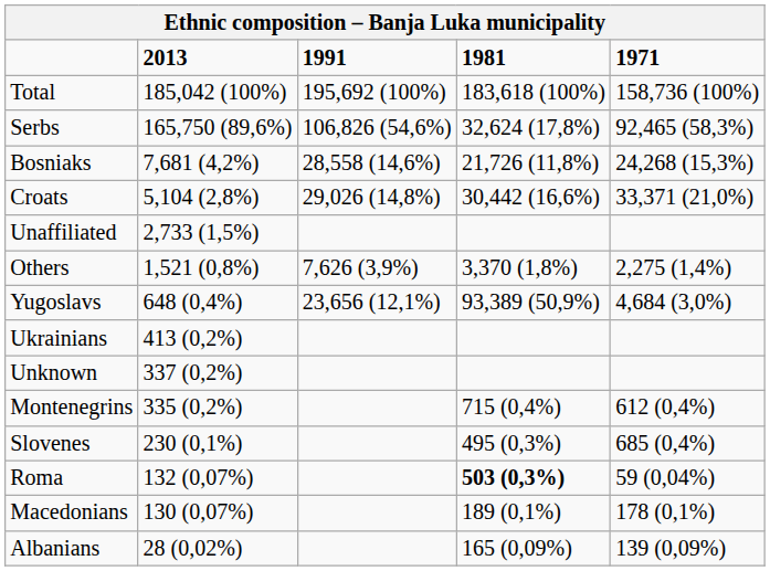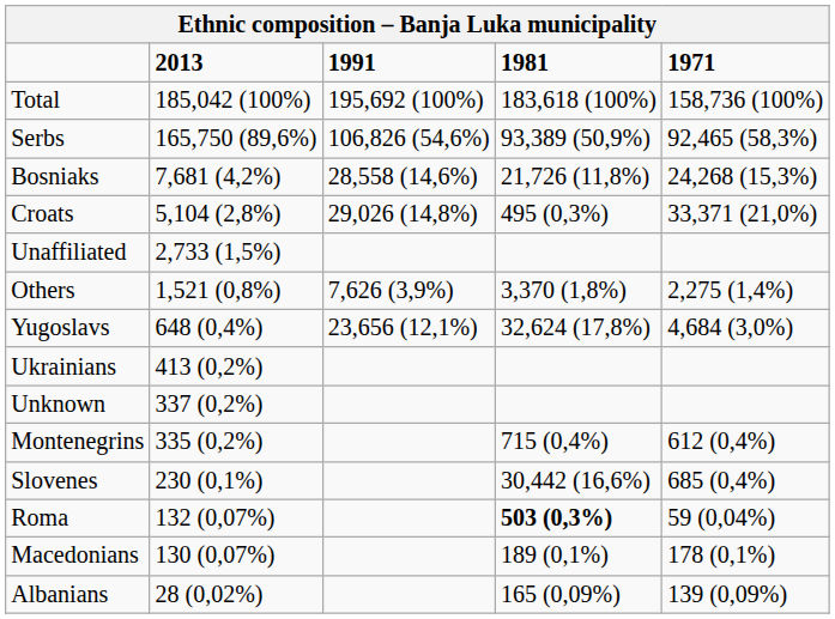 <table class="wikitable">
 <tr>
 <th colspan="8">Ethnic composition – Banja Luka municipality</th>
 </tr>
 <tr>
 <td></td>
 <td><strong>2013</strong></td>
 <td><strong>1991</strong></td>
 <td><strong>1981</strong></td>
 <td><strong>1971</strong></td>
 </tr>
 <tr>
 <td>Total</td>
 <td>185,042 (100%)</td>
 <td>195,692 (100%)</td>
 <td>183,618 (100%)</td>
 <td>158,736 (100%)</td>
 </tr>
 <tr>
 <td>Serbs</td>
 <td>165,750 (89,6%)</td>
 <td>106,826 (54,6%)</td>
-<td>32,624 (17,8%)</td>
+<td>93,389 (50,9%)</td>
 <td>92,465 (58,3%)</td>
 </tr>
 <tr>
 <td>Bosniaks</td>
 <td>7,681 (4,2%)</td>
 <td>28,558 (14,6%)</td>
 <td>21,726 (11,8%)</td>
 <td>24,268 (15,3%)</td>
 </tr>
 <tr>
 <td>Croats</td>
 <td>5,104 (2,8%)</td>
 <td>29,026 (14,8%)</td>
-<td>30,442 (16,6%)</td>
+<td>495 (0,3%)</td>
 <td>33,371 (21,0%)</td>
 </tr>
 <tr>
 <td>Unaffiliated</td>
 <td>2,733 (1,5%)</td>
 <td></td>
 <td></td>
 <td></td>
 </tr>
 <tr>
 <td>Others</td>
 <td>1,521 (0,8%)</td>
 <td>7,626 (3,9%)</td>
 <td>3,370 (1,8%)</td>
 <td>2,275 (1,4%)</td>
 </tr>
 <tr>
 <td>Yugoslavs</td>
 <td>648 (0,4%)</td>
 <td>23,656 (12,1%)</td>
-<td>93,389 (50,9%)</td>
+<td>32,624 (17,8%)</td>
 <td>4,684 (3,0%)</td>
 </tr>
 <tr>
 <td>Ukrainians</td>
 <td>413 (0,2%)</td>
 <td></td>
 <td></td>
 <td></td>
 </tr>
 <tr>
 <td>Unknown</td>
 <td>337 (0,2%)</td>
 <td></td>
 <td></td>
 <td></td>
 </tr>
 <tr>
 <td>Montenegrins</td>
 <td>335 (0,2%)</td>
 <td></td>
 <td>715 (0,4%)</td>
 <td>612 (0,4%)</td>
 </tr>
 <tr>
 <td>Slovenes</td>
 <td>230 (0,1%)</td>
 <td></td>
-<td>495 (0,3%)</td>
+<td>30,442 (16,6%)</td>
 <td>685 (0,4%)</td>
 </tr>
 <tr>
 <td>Roma</td>
 <td>132 (0,07%)</td>
 <td></td>
 <td><strong>503 (0,3%)</strong></td>
 <td>59 (0,04%)</td>
 </tr>
 <tr>
 <td>Macedonians</td>
 <td>130 (0,07%)</td>
 <td></td>
 <td>189 (0,1%)</td>
 <td>178 (0,1%)</td>
 </tr>
 <tr>
 <td>Albanians</td>
 <td>28 (0,02%)</td>
 <td></td>
 <td>165 (0,09%)</td>
 <td>139 (0,09%)</td>
 </tr>
 </table>
